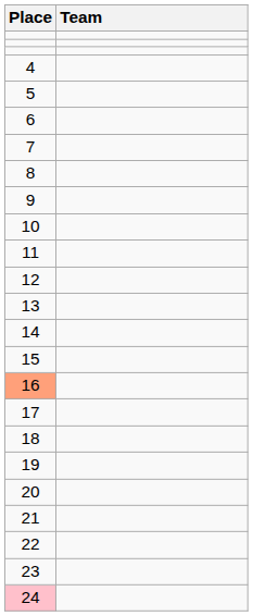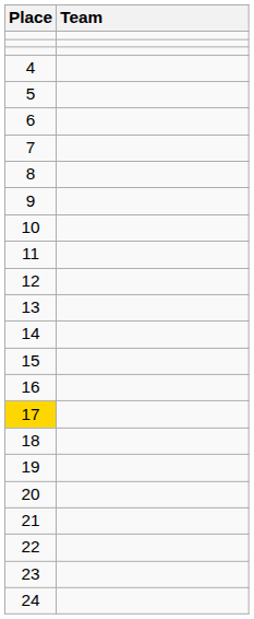 <table class="wikitable" style="text-align:center; padding-bottom:0;">
 <tr>
 <th>Place</th>
 <th style="width:11em; text-align:left;">Team</th>
 </tr>
 <tr>
 <td></td>
 <td align=left></td>
 </tr>
 <tr>
 <td></td>
 <td align=left></td>
 </tr>
 <tr>
 <td></td>
 <td align=left></td>
 </tr>
 <tr>
 <td>4</td>
 <td align=left></td>
 </tr>
 <tr>
 <td>5</td>
 <td align=left></td>
 </tr>
 <tr>
 <td>6</td>
 <td align=left></td>
 </tr>
 <tr>
 <td>7</td>
 <td align=left></td>
 </tr>
 <tr>
 <td>8</td>
 <td align=left></td>
 </tr>
 <tr>
 <td>9</td>
 <td align=left></td>
 </tr>
 <tr>
 <td>10</td>
 <td align=left></td>
 </tr>
 <tr>
 <td>11</td>
 <td align=left></td>
 </tr>
 <tr>
 <td>12</td>
 <td align=left></td>
 </tr>
 <tr>
 <td>13</td>
 <td align=left></td>
 </tr>
 <tr>
 <td>14</td>
 <td align=left></td>
 </tr>
 <tr>
 <td>15</td>
 <td align=left></td>
 </tr>
 <tr>
-<td style="background: lightsalmon;">16</td>
+<td>16</td>
 <td align=left></td>
 </tr>
 <tr>
-<td>17</td>
+<td style="background: gold;">17</td>
 <td align=left></td>
 </tr>
 <tr>
 <td>18</td>
 <td align=left></td>
 </tr>
 <tr>
 <td>19</td>
 <td align=left></td>
 </tr>
 <tr>
 <td>20</td>
 <td align=left></td>
 </tr>
 <tr>
 <td>21</td>
 <td align=left></td>
 </tr>
 <tr>
 <td>22</td>
 <td align=left></td>
 </tr>
 <tr>
 <td>23</td>
 <td align=left></td>
 </tr>
 <tr>
-<td style="background: pink;">24</td>
+<td>24</td>
 <td align=left></td>
 </tr>
 </table>
